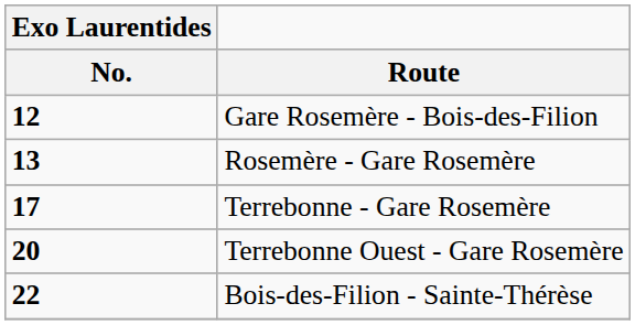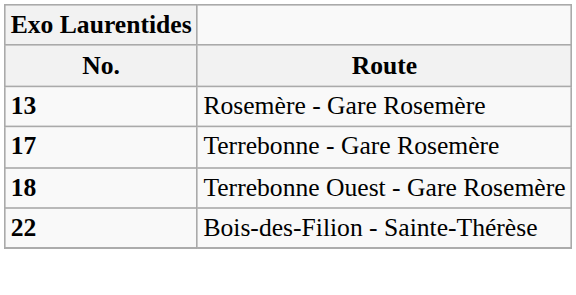 <table align=center class="wikitable">
 <tr>
 <th style="background: #">Exo Laurentides</th>
 </tr>
 <tr>
 <th>No.</th>
 <th>Route</th>
-</tr>
-<tr>
-<td {{border> <strong>12</strong></td>
-<td>Gare Rosemère - Bois-des-Filion</td>
 </tr>
 <tr>
 <td {{border> <strong>13</strong></td>
 <td>Rosemère - Gare Rosemère</td>
 </tr>
 <tr>
 <td {{border> <strong>17</strong></td>
 <td>Terrebonne - Gare Rosemère</td>
 </tr>
 <tr>
-<td {{border> <strong>20</strong></td>
+<td {{border> <strong>18</strong></td>
 <td>Terrebonne Ouest - Gare Rosemère</td>
 </tr>
 <tr>
 <td {{border> <strong>22</strong></td>
 <td>Bois-des-Filion - Sainte-Thérèse</td>
 </tr>
 <tr>
 </tr>
 </table>
